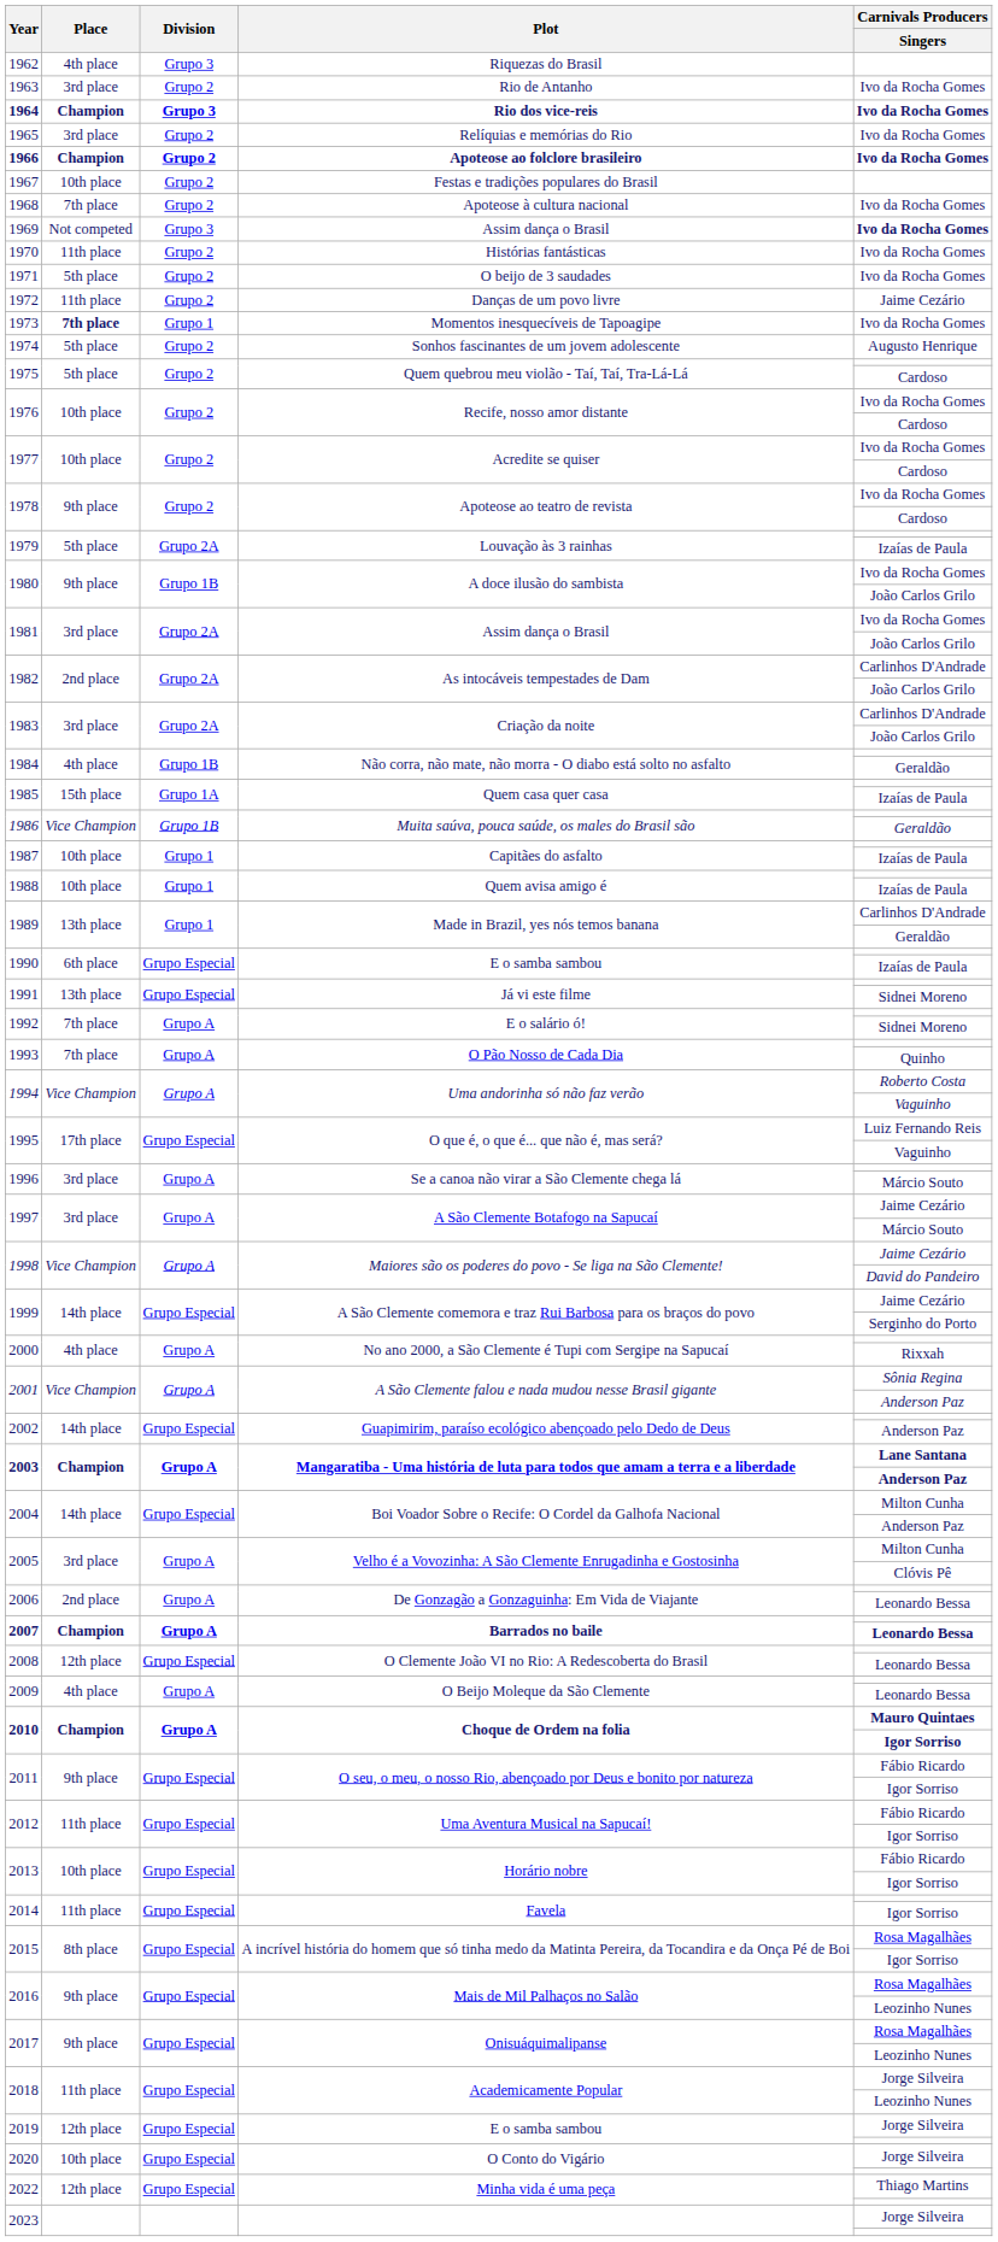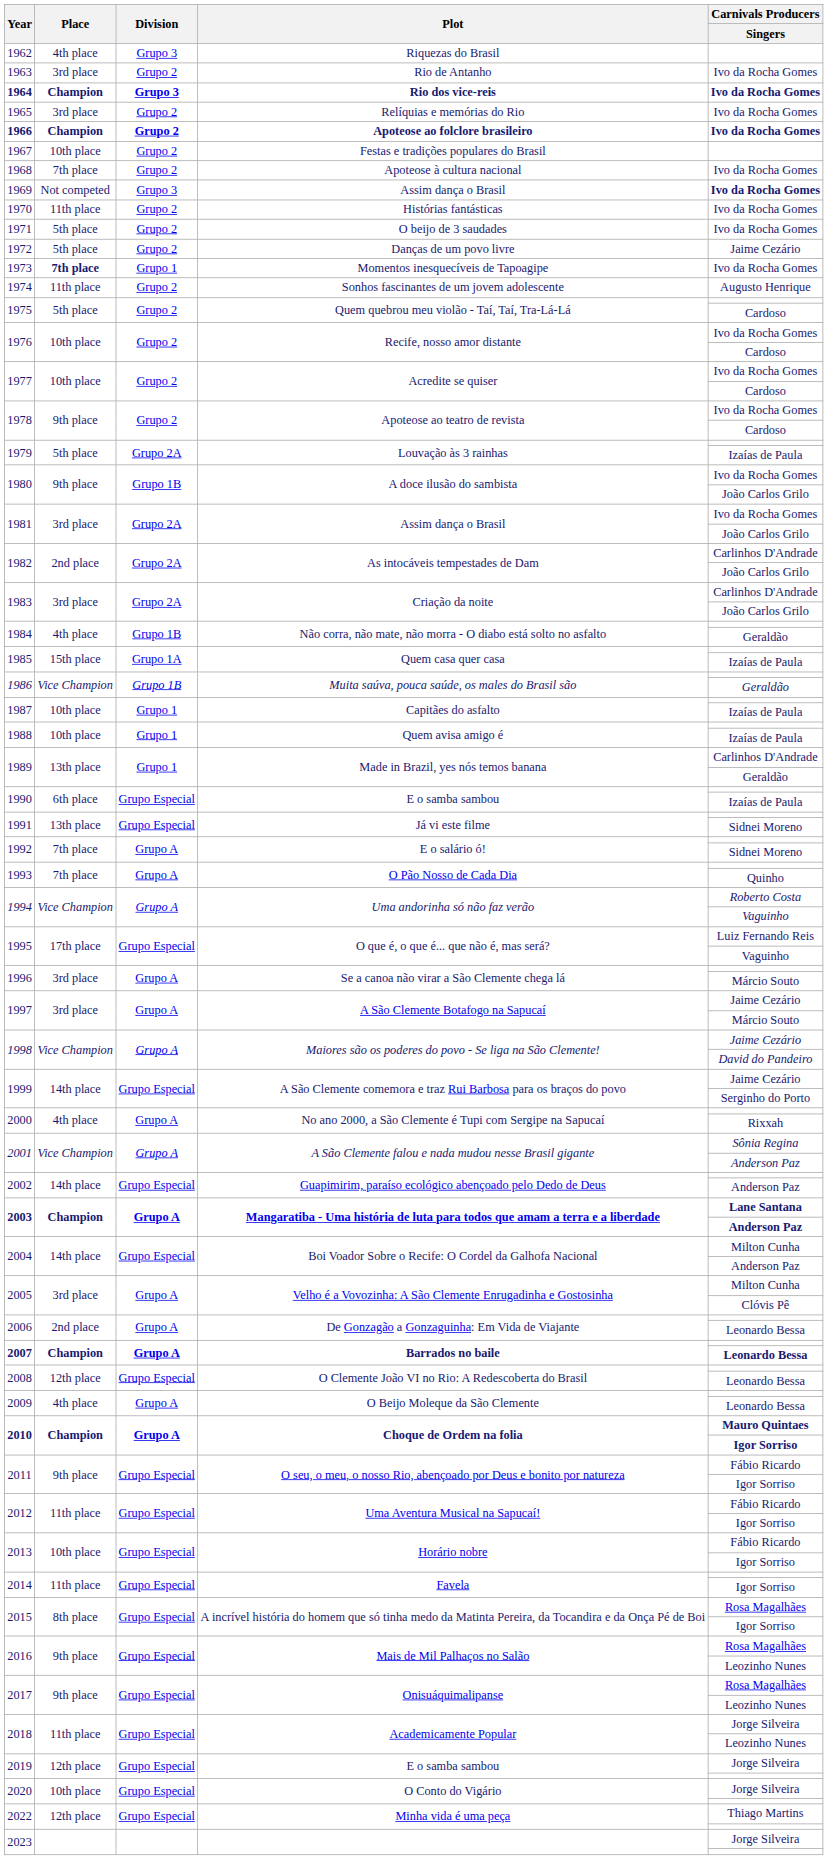 <table class="wikitable sortable" style="text-align:center">
 <tr align="center">
 <th rowspan="2">Year</th>
 <th rowspan="2">Place</th>
 <th rowspan="2">Division</th>
 <th rowspan="2">Plot</th>
 <th>Carnivals Producers</th>
 </tr>
 <tr align="center">
 <th>Singers</th>
 </tr>
 <tr style="background-color:white; color:midnightblue; text:align=center">
 <td>1962</td>
 <td>4th place</td>
 <td><a href='#'>Grupo 3</a></td>
 <td>Riquezas do Brasil</td>
 <td></td>
 </tr>
 <tr style="background-color:white; color:midnightblue; text:align=center">
 <td>1963</td>
 <td>3rd place</td>
 <td><a href='#'>Grupo 2</a></td>
 <td>Rio de Antanho</td>
 <td>Ivo da Rocha Gomes</td>
 </tr>
 <tr style="background-color:white; color:midnightblue; text:align=center">
 <td><strong>1964</strong></td>
 <td><strong>Champion</strong></td>
 <td><strong><a href='#'>Grupo 3</a></strong></td>
 <td><strong>Rio dos vice-reis</strong></td>
 <td><strong>Ivo da Rocha Gomes</strong></td>
 </tr>
 <tr style="background-color:white; color:midnightblue; text:align=center">
 <td>1965</td>
 <td>3rd place</td>
 <td><a href='#'>Grupo 2</a></td>
 <td>Relíquias e memórias do Rio</td>
 <td>Ivo da Rocha Gomes</td>
 </tr>
 <tr style="background-color:white; color:midnightblue; text:align=center">
 <td><strong>1966</strong></td>
 <td><strong>Champion</strong></td>
 <td><strong><a href='#'>Grupo 2</a></strong></td>
 <td><strong>Apoteose ao folclore brasileiro</strong></td>
 <td><strong>Ivo da Rocha Gomes</strong></td>
 </tr>
 <tr style="background-color:white; color:midnightblue; text:align=center">
 <td>1967</td>
 <td>10th place</td>
 <td><a href='#'>Grupo 2</a></td>
 <td>Festas e tradições populares do Brasil</td>
 <td></td>
 </tr>
 <tr style="background-color:white; color:midnightblue; text:align=center">
 <td>1968</td>
 <td>7th place</td>
 <td><a href='#'>Grupo 2</a></td>
 <td>Apoteose à cultura nacional</td>
 <td>Ivo da Rocha Gomes</td>
 </tr>
 <tr style="background-color:white; color:midnightblue; text:align=center">
 <td>1969</td>
 <td>Not competed</td>
 <td><a href='#'>Grupo 3</a></td>
 <td>Assim dança o Brasil</td>
 <td><strong>Ivo da Rocha Gomes</strong></td>
 </tr>
 <tr style="background-color:white; color:midnightblue; text:align=center">
 <td>1970</td>
 <td>11th place</td>
 <td><a href='#'>Grupo 2</a></td>
 <td>Histórias fantásticas</td>
 <td>Ivo da Rocha Gomes</td>
 </tr>
 <tr style="background-color:white; color:midnightblue; text:align=center">
 <td>1971</td>
 <td>5th place</td>
 <td><a href='#'>Grupo 2</a></td>
 <td>O beijo de 3 saudades</td>
 <td>Ivo da Rocha Gomes</td>
 </tr>
 <tr style="background-color:white; color:midnightblue; text:align=center">
 <td>1972</td>
-<td>11th place</td>
+<td>5th place</td>
 <td><a href='#'>Grupo 2</a></td>
 <td>Danças de um povo livre</td>
 <td>Jaime Cezário</td>
 </tr>
 <tr style="background-color:white; color:midnightblue; text:align=center">
 <td>1973</td>
 <td><strong>7th place</strong></td>
 <td><a href='#'>Grupo 1</a></td>
 <td>Momentos inesquecíveis de Tapoagipe</td>
 <td>Ivo da Rocha Gomes</td>
 </tr>
 <tr style="background-color:white; color:midnightblue; text:align=center">
 <td>1974</td>
-<td>5th place</td>
+<td>11th place</td>
 <td><a href='#'>Grupo 2</a></td>
 <td>Sonhos fascinantes de um jovem adolescente</td>
 <td>Augusto Henrique</td>
 </tr>
 <tr style="background-color:white; color:midnightblue; text:align=center">
 <td rowspan="2">1975</td>
 <td rowspan="2">5th place</td>
 <td rowspan="2"><a href='#'>Grupo 2</a></td>
 <td rowspan="2">Quem quebrou meu violão - Taí, Taí, Tra-Lá-Lá</td>
 <td></td>
 </tr>
 <tr style="background-color:white; color:midnightblue; text:align=center">
 <td>Cardoso</td>
 </tr>
 <tr style="background-color:white; color:midnightblue; text:align=center">
 <td rowspan="2">1976</td>
 <td rowspan="2">10th place</td>
 <td rowspan="2"><a href='#'>Grupo 2</a></td>
 <td rowspan="2">Recife, nosso amor distante</td>
 <td>Ivo da Rocha Gomes</td>
 </tr>
 <tr style="background-color:white; color:midnightblue; text:align=center">
 <td>Cardoso</td>
 </tr>
 <tr style="background-color:white; color:midnightblue; text:align=center">
 <td rowspan="2">1977</td>
 <td rowspan="2">10th place</td>
 <td rowspan="2"><a href='#'>Grupo 2</a></td>
 <td rowspan="2">Acredite se quiser</td>
 <td>Ivo da Rocha Gomes</td>
 </tr>
 <tr style="background-color:white; color:midnightblue; text:align=center">
 <td>Cardoso</td>
 </tr>
 <tr style="background-color:white; color:midnightblue; text:align=center">
 <td rowspan="2">1978</td>
 <td rowspan="2">9th place</td>
 <td rowspan="2"><a href='#'>Grupo 2</a></td>
 <td rowspan="2">Apoteose ao teatro de revista</td>
 <td>Ivo da Rocha Gomes</td>
 </tr>
 <tr style="background-color:white; color:midnightblue; text:align=center">
 <td>Cardoso</td>
 </tr>
 <tr style="background-color:white; color:midnightblue; text:align=center">
 <td rowspan="2">1979</td>
 <td rowspan="2">5th place</td>
 <td rowspan="2"><a href='#'>Grupo 2A</a></td>
 <td rowspan="2">Louvação às 3 rainhas</td>
 <td></td>
 </tr>
 <tr style="background-color:white; color:midnightblue; text:align=center">
 <td>Izaías de Paula</td>
 </tr>
 <tr style="background-color:white; color:midnightblue; text:align=center">
 <td rowspan="2">1980</td>
 <td rowspan="2">9th place</td>
 <td rowspan="2"><a href='#'>Grupo 1B</a></td>
 <td rowspan="2">A doce ilusão do sambista</td>
 <td>Ivo da Rocha Gomes</td>
 </tr>
 <tr style="background-color:white; color:midnightblue; text:align=center">
 <td>João Carlos Grilo</td>
 </tr>
 <tr style="background-color:white; color:midnightblue; text:align=center">
 <td rowspan="2">1981</td>
 <td rowspan="2">3rd place</td>
 <td rowspan="2"><a href='#'>Grupo 2A</a></td>
 <td rowspan="2">Assim dança o Brasil</td>
 <td>Ivo da Rocha Gomes</td>
 </tr>
 <tr style="background-color:white; color:midnightblue; text:align=center">
 <td>João Carlos Grilo</td>
 </tr>
 <tr style="background-color:white; color:midnightblue; text:align=center">
 <td rowspan="2">1982</td>
 <td rowspan="2">2nd place</td>
 <td rowspan="2"><a href='#'>Grupo 2A</a></td>
 <td rowspan="2">As intocáveis tempestades de Dam</td>
 <td>Carlinhos D'Andrade</td>
 </tr>
 <tr style="background-color:white; color:midnightblue; text:align=center">
 <td>João Carlos Grilo</td>
 </tr>
 <tr style="background-color:white; color:midnightblue; text:align=center">
 <td rowspan="2">1983</td>
 <td rowspan="2">3rd place</td>
 <td rowspan="2"><a href='#'>Grupo 2A</a></td>
 <td rowspan="2">Criação da noite</td>
 <td>Carlinhos D'Andrade</td>
 </tr>
 <tr style="background-color:white; color:midnightblue; text:align=center">
 <td>João Carlos Grilo</td>
 </tr>
 <tr style="background-color:white; color:midnightblue; text:align=center">
 <td rowspan="2">1984</td>
 <td rowspan="2">4th place</td>
 <td rowspan="2"><a href='#'>Grupo 1B</a></td>
 <td rowspan="2">Não corra, não mate, não morra - O diabo está solto no asfalto</td>
 <td></td>
 </tr>
 <tr style="background-color:white; color:midnightblue; text:align=center">
 <td>Geraldão</td>
 </tr>
 <tr style="background-color:white; color:midnightblue; text:align=center">
 <td rowspan="2">1985</td>
 <td rowspan="2">15th place</td>
 <td rowspan="2"><a href='#'>Grupo 1A</a></td>
 <td rowspan="2">Quem casa quer casa</td>
 <td></td>
 </tr>
 <tr style="background-color:white; color:midnightblue; text:align=center">
 <td>Izaías de Paula</td>
 </tr>
 <tr style="background-color:white; color:midnightblue; text:align=center">
 <td rowspan="2"><em>1986</em></td>
 <td rowspan="2"><em>Vice Champion</em></td>
 <td rowspan="2"><em><a href='#'>Grupo 1B</a></em></td>
 <td rowspan="2"><em>Muita saúva, pouca saúde, os males do Brasil são</em></td>
 <td><em></em></td>
 </tr>
 <tr style="background-color:white; color:midnightblue; text:align=center">
 <td><em>Geraldão</em></td>
 </tr>
 <tr style="background-color:white; color:midnightblue; text:align=center">
 <td rowspan="2">1987</td>
 <td rowspan="2">10th place</td>
 <td rowspan="2"><a href='#'>Grupo 1</a></td>
 <td rowspan="2">Capitães do asfalto</td>
 <td></td>
 </tr>
 <tr style="background-color:white; color:midnightblue; text:align=center">
 <td>Izaías de Paula</td>
 </tr>
 <tr style="background-color:white; color:midnightblue; text:align=center">
 <td rowspan="2">1988</td>
 <td rowspan="2">10th place</td>
 <td rowspan="2"><a href='#'>Grupo 1</a></td>
 <td rowspan="2">Quem avisa amigo é</td>
 <td></td>
 </tr>
 <tr style="background-color:white; color:midnightblue; text:align=center">
 <td>Izaías de Paula</td>
 </tr>
 <tr style="background-color:white; color:midnightblue; text:align=center">
 <td rowspan="2">1989</td>
 <td rowspan="2">13th place</td>
 <td rowspan="2"><a href='#'>Grupo 1</a></td>
 <td rowspan="2">Made in Brazil, yes nós temos banana</td>
 <td>Carlinhos D'Andrade</td>
 </tr>
 <tr style="background-color:white; color:midnightblue; text:align=center">
 <td>Geraldão</td>
 </tr>
 <tr style="background-color:white; color:midnightblue; text:align=center">
 <td rowspan="2">1990</td>
 <td rowspan="2">6th place</td>
 <td rowspan="2"><a href='#'>Grupo Especial</a></td>
 <td rowspan="2">E o samba sambou</td>
 <td></td>
 </tr>
 <tr style="background-color:white; color:midnightblue; text:align=center">
 <td>Izaías de Paula</td>
 </tr>
 <tr style="background-color:white; color:midnightblue; text:align=center">
 <td rowspan="2">1991</td>
 <td rowspan="2">13th place</td>
 <td rowspan="2"><a href='#'>Grupo Especial</a></td>
 <td rowspan="2">Já vi este filme</td>
 <td></td>
 </tr>
 <tr style="background-color:white; color:midnightblue; text:align=center">
 <td>Sidnei Moreno</td>
 </tr>
 <tr style="background-color:white; color:midnightblue; text:align=center">
 <td rowspan="2">1992</td>
 <td rowspan="2">7th place</td>
 <td rowspan="2"><a href='#'>Grupo A</a></td>
 <td rowspan="2">E o salário ó!</td>
 <td></td>
 </tr>
 <tr style="background-color:white; color:midnightblue; text:align=center">
 <td>Sidnei Moreno</td>
 </tr>
 <tr style="background-color:white; color:midnightblue; text:align=center">
 <td rowspan="2">1993</td>
 <td rowspan="2">7th place</td>
 <td rowspan="2"><a href='#'>Grupo A</a></td>
 <td rowspan="2"><a href='#'>O Pão Nosso de Cada Dia</a></td>
 <td></td>
 </tr>
 <tr style="background-color:white; color:midnightblue; text:align=center">
 <td>Quinho</td>
 </tr>
 <tr style="background-color:white; color:midnightblue; text:align=center">
 <td rowspan="2"><em>1994</em></td>
 <td rowspan="2"><em>Vice Champion</em></td>
 <td rowspan="2"><em><a href='#'>Grupo A</a></em></td>
 <td rowspan="2"><em>Uma andorinha só não faz verão</em></td>
 <td><em>Roberto Costa</em></td>
 </tr>
 <tr style="background-color:white; color:midnightblue; text:align=center">
 <td><em>Vaguinho</em></td>
 </tr>
 <tr style="background-color:white; color:midnightblue; text:align=center">
 <td rowspan="2">1995</td>
 <td rowspan="2">17th place</td>
 <td rowspan="2"><a href='#'>Grupo Especial</a></td>
 <td rowspan="2">O que é, o que é... que não é, mas será?</td>
 <td>Luiz Fernando Reis</td>
 </tr>
 <tr style="background-color:white; color:midnightblue; text:align=center">
 <td>Vaguinho</td>
 </tr>
 <tr style="background-color:white; color:midnightblue; text:align=center">
 <td rowspan="2">1996</td>
 <td rowspan="2">3rd place</td>
 <td rowspan="2"><a href='#'>Grupo A</a></td>
 <td rowspan="2">Se a canoa não virar a São Clemente chega lá</td>
 <td></td>
 </tr>
 <tr style="background-color:white; color:midnightblue; text:align=center">
 <td>Márcio Souto</td>
 </tr>
 <tr style="background-color:white; color:midnightblue; text:align=center">
 <td rowspan="2">1997</td>
 <td rowspan="2">3rd place</td>
 <td rowspan="2"><a href='#'>Grupo A</a></td>
 <td rowspan="2"><a href='#'>A São Clemente Botafogo na Sapucaí</a></td>
 <td>Jaime Cezário</td>
 </tr>
 <tr style="background-color:white; color:midnightblue; text:align=center">
 <td>Márcio Souto</td>
 </tr>
 <tr style="background-color:white; color:midnightblue; text:align=center">
 <td rowspan="2"><em>1998</em></td>
 <td rowspan="2"><em>Vice Champion</em></td>
 <td rowspan="2"><em><a href='#'>Grupo A</a></em></td>
 <td rowspan="2"><em>Maiores são os poderes do povo - Se liga na São Clemente!</em></td>
 <td><em>Jaime Cezário</em></td>
 </tr>
 <tr style="background-color:white; color:midnightblue; text:align=center">
 <td><em>David do Pandeiro</em></td>
 </tr>
 <tr style="background-color:white; color:midnightblue; text:align=center">
 <td rowspan="2">1999</td>
 <td rowspan="2">14th place</td>
 <td rowspan="2"><a href='#'>Grupo Especial</a></td>
 <td rowspan="2">A São Clemente comemora e traz <a href='#'>Rui Barbosa</a> para os braços do povo</td>
 <td>Jaime Cezário</td>
 </tr>
 <tr style="background-color:white; color:midnightblue; text:align=center">
 <td>Serginho do Porto</td>
 </tr>
 <tr style="background-color:white; color:midnightblue; text:align=center">
 <td rowspan="2">2000</td>
 <td rowspan="2">4th place</td>
 <td rowspan="2"><a href='#'>Grupo A</a></td>
 <td rowspan="2">No ano 2000, a São Clemente é Tupi com Sergipe na Sapucaí</td>
 <td></td>
 </tr>
 <tr style="background-color:white; color:midnightblue; text:align=center">
 <td>Rixxah</td>
 </tr>
 <tr style="background-color:white; color:midnightblue; text:align=center">
 <td rowspan="2"><em>2001</em></td>
 <td rowspan="2"><em>Vice Champion</em></td>
 <td rowspan="2"><em><a href='#'>Grupo A</a></em></td>
 <td rowspan="2"><em>A São Clemente falou e nada mudou nesse Brasil gigante</em></td>
 <td><em>Sônia Regina</em></td>
 </tr>
 <tr style="background-color:white; color:midnightblue; text:align=center">
 <td><em>Anderson Paz</em></td>
 </tr>
 <tr style="background-color:white; color:midnightblue; text:align=center">
 <td rowspan="2">2002</td>
 <td rowspan="2">14th place</td>
 <td rowspan="2"><a href='#'>Grupo Especial</a></td>
 <td rowspan="2"><a href='#'>Guapimirim, paraíso ecológico abençoado pelo Dedo de Deus</a></td>
 <td></td>
 </tr>
 <tr style="background-color:white; color:midnightblue; text:align=center">
 <td>Anderson Paz</td>
 </tr>
 <tr style="background-color:white; color:midnightblue; text:align=center">
 <td rowspan="2"><strong>2003</strong></td>
 <td rowspan="2"><strong>Champion</strong></td>
 <td rowspan="2"><strong><a href='#'>Grupo A</a></strong></td>
 <td rowspan="2"><strong><a href='#'>Mangaratiba - Uma história de luta para todos que amam a terra e a liberdade</a></strong></td>
 <td><strong>Lane Santana</strong></td>
 </tr>
 <tr style="background-color:white; color:midnightblue; text:align=center">
 <td><strong>Anderson Paz</strong></td>
 </tr>
 <tr style="background-color:white; color:midnightblue; text:align=center">
 <td rowspan="2">2004</td>
 <td rowspan="2">14th place</td>
 <td rowspan="2"><a href='#'>Grupo Especial</a></td>
 <td rowspan="2">Boi Voador Sobre o Recife: O Cordel da Galhofa Nacional</td>
 <td>Milton Cunha</td>
 </tr>
 <tr style="background-color:white; color:midnightblue; text:align=center">
 <td>Anderson Paz</td>
 </tr>
 <tr style="background-color:white; color:midnightblue; text:align=center">
 <td rowspan="2">2005</td>
 <td rowspan="2">3rd place</td>
 <td rowspan="2"><a href='#'>Grupo A</a></td>
 <td rowspan="2"><a href='#'>Velho é a Vovozinha: A São Clemente Enrugadinha e Gostosinha</a></td>
 <td>Milton Cunha</td>
 </tr>
 <tr style="background-color:white; color:midnightblue; text:align=center">
 <td>Clóvis Pê</td>
 </tr>
 <tr style="background-color:white; color:midnightblue; text:align=center">
 <td rowspan="2">2006</td>
 <td rowspan="2">2nd place</td>
 <td rowspan="2"><a href='#'>Grupo A</a></td>
 <td rowspan="2">De <a href='#'>Gonzagão</a> a <a href='#'>Gonzaguinha</a>: Em Vida de Viajante</td>
 <td></td>
 </tr>
 <tr style="background-color:white; color:midnightblue; text:align=center">
 <td>Leonardo Bessa</td>
 </tr>
 <tr style="background-color:white; color:midnightblue; text:align=center">
 <td rowspan="2"><strong>2007</strong></td>
 <td rowspan="2"><strong>Champion</strong></td>
 <td rowspan="2"><strong><a href='#'>Grupo A</a></strong></td>
 <td rowspan="2"><strong>Barrados no baile</strong></td>
 <td><strong></strong></td>
 </tr>
 <tr style="background-color:white; color:midnightblue; text:align=center">
 <td><strong>Leonardo Bessa</strong></td>
 </tr>
 <tr style="background-color:white; color:midnightblue; text:align=center">
 <td rowspan="2">2008</td>
 <td rowspan="2">12th place</td>
 <td rowspan="2"><a href='#'>Grupo Especial</a></td>
 <td rowspan="2">O Clemente João VI no Rio: A Redescoberta do Brasil</td>
 <td></td>
 </tr>
 <tr style="background-color:white; color:midnightblue; text:align=center">
 <td>Leonardo Bessa</td>
 </tr>
 <tr style="background-color:white; color:midnightblue; text:align=center">
 <td rowspan="2">2009</td>
 <td rowspan="2">4th place</td>
 <td rowspan="2"><a href='#'>Grupo A</a></td>
 <td rowspan="2">O Beijo Moleque da São Clemente</td>
 <td></td>
 </tr>
 <tr style="background-color:white; color:midnightblue; text:align=center">
 <td>Leonardo Bessa</td>
 </tr>
 <tr style="background-color:white; color:midnightblue; text:align=center">
 <td rowspan="2"><strong>2010</strong></td>
 <td rowspan="2"><strong>Champion</strong></td>
 <td rowspan="2"><strong><a href='#'>Grupo A</a></strong></td>
 <td rowspan="2"><strong>Choque de Ordem na folia</strong></td>
 <td><strong>Mauro Quintaes</strong></td>
 </tr>
 <tr style="background-color:white; color:midnightblue; text:align=center">
 <td><strong>Igor Sorriso</strong></td>
 </tr>
 <tr style="background-color:white; color:midnightblue; text:align=center">
 <td rowspan="2">2011</td>
 <td rowspan="2">9th place</td>
 <td rowspan="2"><a href='#'>Grupo Especial</a></td>
 <td rowspan="2"><a href='#'>O seu, o meu, o nosso Rio, abençoado por Deus e bonito por natureza</a></td>
 <td>Fábio Ricardo</td>
 </tr>
 <tr style="background-color:white; color:midnightblue; text:align=center">
 <td>Igor Sorriso</td>
 </tr>
 <tr style="background-color:white; color:midnightblue; text:align=center">
 <td rowspan="2">2012</td>
 <td rowspan="2">11th place</td>
 <td rowspan="2"><a href='#'>Grupo Especial</a></td>
 <td rowspan="2"><a href='#'>Uma Aventura Musical na Sapucaí!</a></td>
 <td>Fábio Ricardo</td>
 </tr>
 <tr style="background-color:white; color:midnightblue; text:align=center">
 <td>Igor Sorriso</td>
 </tr>
 <tr style="background-color:white; color:midnightblue; text:align=center">
 <td rowspan="2">2013</td>
 <td rowspan="2">10th place</td>
 <td rowspan="2"><a href='#'>Grupo Especial</a></td>
 <td rowspan="2"><a href='#'>Horário nobre</a></td>
 <td>Fábio Ricardo</td>
 </tr>
 <tr style="background-color:white; color:midnightblue; text:align=center">
 <td>Igor Sorriso</td>
 </tr>
 <tr style="background-color:white; color:midnightblue; text:align=center">
 <td rowspan="2">2014</td>
 <td rowspan="2">11th place</td>
 <td rowspan="2"><a href='#'>Grupo Especial</a></td>
 <td rowspan="2"><a href='#'>Favela</a></td>
 <td></td>
 </tr>
 <tr style="background-color:white; color:midnightblue; text:align=center">
 <td>Igor Sorriso</td>
 </tr>
 <tr style="background-color:white; color:midnightblue; text:align=center">
 <td rowspan="2">2015</td>
 <td rowspan="2">8th place</td>
 <td rowspan="2"><a href='#'>Grupo Especial</a></td>
 <td rowspan="2">A incrível história do homem que só tinha medo da Matinta Pereira, da Tocandira e da Onça Pé de Boi</td>
 <td><a href='#'>Rosa Magalhães</a></td>
 </tr>
 <tr style="background-color:white; color:midnightblue; text:align=center">
 <td>Igor Sorriso</td>
 </tr>
 <tr style="background-color:white; color:midnightblue; text:align=center">
 <td rowspan="2">2016</td>
 <td rowspan="2">9th place</td>
 <td rowspan="2"><a href='#'>Grupo Especial</a></td>
 <td rowspan="2"><a href='#'>Mais de Mil Palhaços no Salão</a></td>
 <td><a href='#'>Rosa Magalhães</a></td>
 </tr>
 <tr style="background-color:white; color:midnightblue; text:align=center">
 <td>Leozinho Nunes</td>
 </tr>
 <tr style="background-color:white; color:midnightblue; text:align=center">
 <td rowspan="2">2017</td>
 <td rowspan="2">9th place</td>
 <td rowspan="2"><a href='#'>Grupo Especial</a></td>
 <td rowspan="2"><a href='#'>Onisuáquimalipanse</a></td>
 <td><a href='#'>Rosa Magalhães</a></td>
 </tr>
 <tr style="background-color:white; color:midnightblue; text:align=center">
 <td>Leozinho Nunes</td>
 </tr>
 <tr style="background-color:white; color:midnightblue; text:align=center">
 <td rowspan="2">2018</td>
 <td rowspan="2">11th place</td>
 <td rowspan="2"><a href='#'>Grupo Especial</a></td>
 <td rowspan="2"><a href='#'>Academicamente Popular</a></td>
 <td>Jorge Silveira</td>
 </tr>
 <tr style="background-color:white; color:midnightblue; text:align=center">
 <td>Leozinho Nunes</td>
 </tr>
 <tr style="background-color:white; color:midnightblue; text:align=center">
 <td rowspan="2">2019</td>
 <td rowspan="2">12th place</td>
 <td rowspan="2"><a href='#'>Grupo Especial</a></td>
 <td rowspan="2">E o samba sambou</td>
 <td>Jorge Silveira</td>
 </tr>
 <tr style="background-color:white; color:midnightblue; text:align=center">
 <td></td>
 </tr>
 <tr style="background-color:white; color:midnightblue; text:align=center">
 <td rowspan="2">2020</td>
 <td rowspan="2">10th place</td>
 <td rowspan="2"><a href='#'>Grupo Especial</a></td>
 <td rowspan="2">O Conto do Vigário</td>
 <td>Jorge Silveira</td>
 </tr>
 <tr style="background-color:white; color:midnightblue; text:align=center">
 <td></td>
 </tr>
 <tr style="background-color:white; color:midnightblue; text:align=center">
 <td rowspan="2">2022</td>
 <td rowspan="2">12th place </td>
 <td rowspan="2"><a href='#'>Grupo Especial</a></td>
 <td rowspan="2"><a href='#'>Minha vida é uma peça</a></td>
 <td>Thiago Martins</td>
 </tr>
 <tr style="background-color:white; color:midnightblue; text:align=center">
 <td></td>
 </tr>
 <tr style="background-color:white; color:midnightblue; text:align=center">
 <td rowspan="2">2023</td>
 <td rowspan="2"></td>
 <td rowspan="2"></td>
 <td rowspan="2"></td>
 <td>Jorge Silveira</td>
 </tr>
 <tr style="background-color:white; color:midnightblue; text:align=center">
 <td></td>
 </tr>
 </table>
